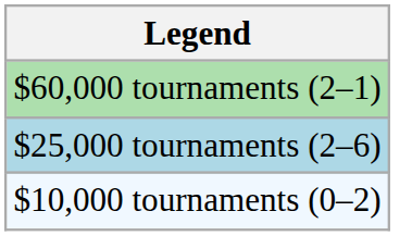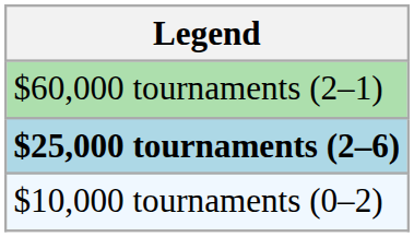 <table class=wikitable style=font-size:85%>
 <tr>
 <th>Legend</th>
 </tr>
 <tr style="background:#addfad;">
 <td>$60,000 tournaments (2–1)</td>
 </tr>
 <tr style="background:lightblue;">
-<td>$25,000 tournaments (2–6)</td>
+<td><strong>$25,000 tournaments (2–6)</strong></td>
 </tr>
 <tr style="background:#f0f8ff;">
 <td>$10,000 tournaments (0–2)</td>
 </tr>
 </table>
